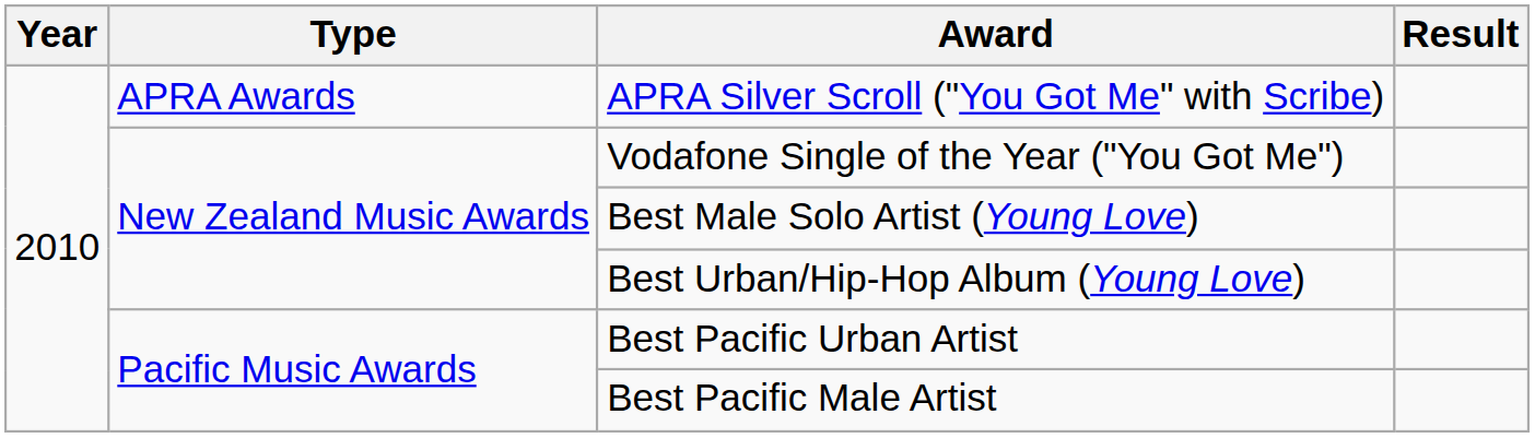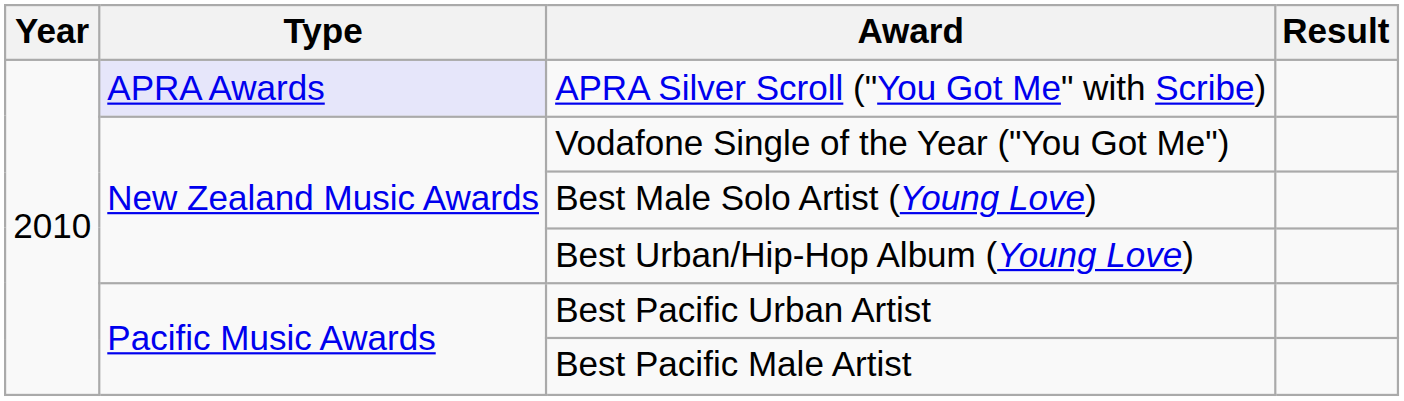 <table class="wikitable">
 <tr>
 <th>Year</th>
 <th>Type</th>
 <th>Award</th>
 <th>Result</th>
 </tr>
 <tr>
 <td rowspan="6">2010</td>
-<td><a href='#'>APRA Awards</a></td>
+<td style="background: lavender;"><a href='#'>APRA Awards</a></td>
 <td><a href='#'>APRA Silver Scroll</a> ("<a href='#'>You Got Me</a>" with <a href='#'>Scribe</a>)</td>
 <td></td>
 </tr>
 <tr>
 <td rowspan="3"><a href='#'>New Zealand Music Awards</a></td>
 <td>Vodafone Single of the Year ("You Got Me")</td>
 <td></td>
 </tr>
 <tr>
 <td>Best Male Solo Artist (<em><a href='#'>Young Love</a></em>)</td>
 <td></td>
 </tr>
 <tr>
 <td>Best Urban/Hip-Hop Album (<em><a href='#'>Young Love</a></em>)</td>
 <td></td>
 </tr>
 <tr>
 <td rowspan="2"><a href='#'>Pacific Music Awards</a></td>
 <td>Best Pacific Urban Artist</td>
 <td></td>
 </tr>
 <tr>
 <td>Best Pacific Male Artist</td>
 <td></td>
 </tr>
 </table>
